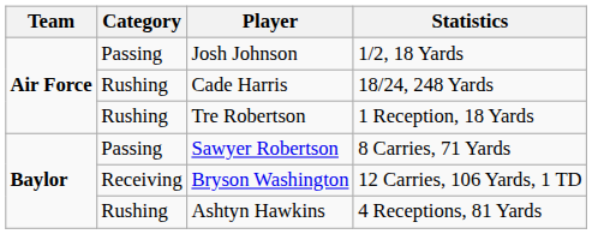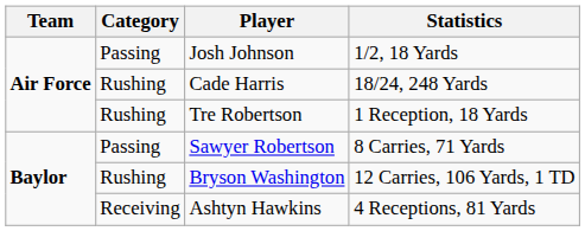 <table class="wikitable" style="float: right;">
 <tr>
 <th>Team</th>
 <th>Category</th>
 <th>Player</th>
 <th>Statistics</th>
 </tr>
 <tr>
 <td rowspan=3><strong>Air Force</strong></td>
 <td>Passing</td>
 <td>Josh Johnson</td>
 <td>1/2, 18 Yards</td>
 </tr>
 <tr>
 <td>Rushing</td>
 <td>Cade Harris</td>
 <td>18/24, 248 Yards</td>
 </tr>
 <tr>
 <td>Rushing</td>
 <td>Tre Robertson</td>
 <td>1 Reception, 18 Yards</td>
 </tr>
 <tr>
 <td rowspan=3><strong>Baylor</strong></td>
 <td>Passing</td>
 <td><a href='#'>Sawyer Robertson</a></td>
 <td>8 Carries, 71 Yards</td>
 </tr>
 <tr>
-<td>Receiving</td>
+<td>Rushing</td>
 <td><a href='#'>Bryson Washington</a></td>
 <td>12 Carries, 106 Yards, 1 TD</td>
 </tr>
 <tr>
-<td>Rushing</td>
+<td>Receiving</td>
 <td>Ashtyn Hawkins</td>
 <td>4 Receptions, 81 Yards</td>
 </tr>
 </table>
